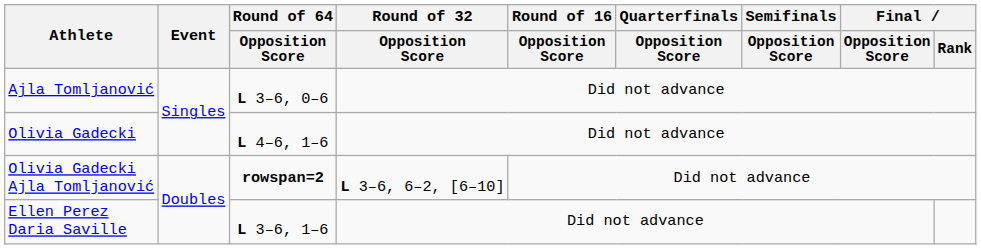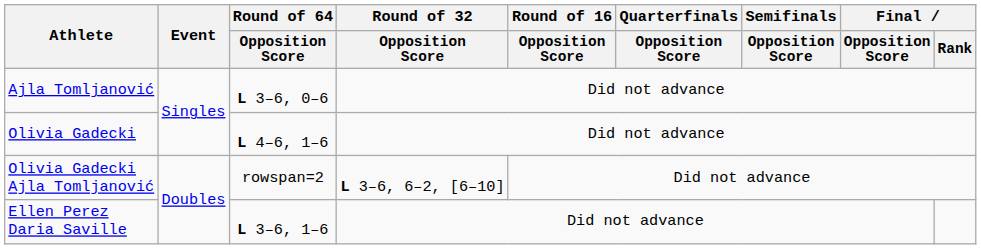 <table class=wikitable style=font-size:90%;text-align:center>
 <tr>
 <th rowspan=2>Athlete</th>
 <th rowspan=2>Event</th>
 <th>Round of 64</th>
 <th>Round of 32</th>
 <th>Round of 16</th>
 <th>Quarterfinals</th>
 <th>Semifinals</th>
 <th colspan=2>Final / </th>
 </tr>
 <tr style=font-size:95%>
 <th>Opposition<br>Score</th>
 <th>Opposition<br>Score</th>
 <th>Opposition<br>Score</th>
 <th>Opposition<br>Score</th>
 <th>Opposition<br>Score</th>
 <th>Opposition<br>Score</th>
 <th>Rank</th>
 </tr>
 <tr>
 <td align=left><a href='#'>Ajla Tomljanović</a></td>
 <td rowspan=2 align=left><a href='#'>Singles</a></td>
 <td><br><strong>L</strong> 3–6, 0–6</td>
 <td colspan=6>Did not advance</td>
 </tr>
 <tr>
 <td align=left><a href='#'>Olivia Gadecki</a></td>
 <td><br><strong>L</strong> 4–6, 1–6</td>
 <td colspan=6>Did not advance</td>
 </tr>
 <tr>
 <td align=left><a href='#'>Olivia Gadecki</a><br><a href='#'>Ajla Tomljanović</a></td>
 <td align=left rowspan=2><a href='#'>Doubles</a></td>
-<td><strong>rowspan=2 </strong></td>
+<td>rowspan=2 </td>
 <td><br><strong>L</strong> 3–6, 6–2, [6–10]</td>
 <td colspan=5>Did not advance</td>
 </tr>
 <tr>
 <td align=left><a href='#'>Ellen Perez</a><br><a href='#'>Daria Saville</a></td>
 <td><br><strong>L</strong> 3–6, 1–6</td>
 <td colspan=5>Did not advance</td>
 </tr>
 </table>
